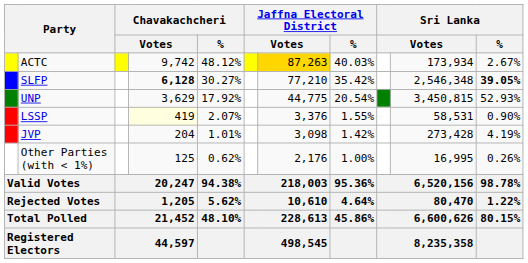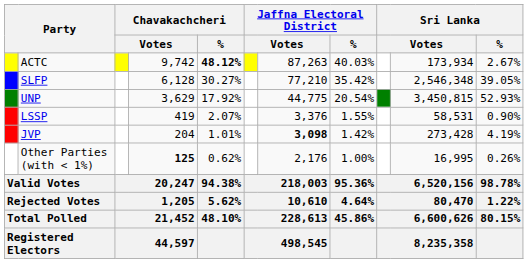 <table class="wikitable">
 <tr>
 <th colspan="2" width="144px"rowspan="2">Party</th>
 <th colspan="3" width="216px">Chavakachcheri</th>
 <th colspan="3" width="216px"><a href='#'>Jaffna Electoral District</a></th>
 <th colspan="3" width="216px">Sri Lanka</th>
 </tr>
 <tr>
 <th colspan="2" width="144px">Votes</th>
 <th>%</th>
 <th colspan="2" width="144px">Votes</th>
 <th>%</th>
 <th colspan="2" width="144px">Votes</th>
 <th>%</th>
 </tr>
 <tr>
 <td style="background-color:yellow;" width="10px"></td>
 <td style="text-align:left;">ACTC</td>
 <td style="background-color:yellow;" width="10px"></td>
 <td style="text-align:right;">9,742</td>
-<td style="text-align:right;">48.12%</td>
+<td style="text-align:right;"><strong>48.12%</strong></td>
 <td style="background-color:yellow;" width="10px"></td>
-<td style="background: gold; text-align:right;">87,263</td>
+<td style="text-align:right;">87,263</td>
 <td style="text-align:right;">40.03%</td>
 <td style="background-color:white;" width="10px"></td>
 <td style="text-align:right;">173,934</td>
 <td style="text-align:right;">2.67%</td>
 </tr>
 <tr>
 <td style="background-color:blue;" width="10px"></td>
 <td style="text-align:left;"><a href='#'>SLFP</a></td>
 <td style="background-color:white;" width="10px"></td>
-<td style="text-align:right;"><strong>6,128</strong></td>
+<td style="text-align:right;">6,128</td>
 <td style="text-align:right;">30.27%</td>
 <td style="background-color:white;" width="10px"></td>
 <td style="text-align:right;">77,210</td>
 <td style="text-align:right;">35.42%</td>
 <td style="background-color:white;" width="10px"></td>
 <td style="text-align:right;">2,546,348</td>
-<td style="text-align:right;"><strong>39.05%</strong></td>
+<td style="text-align:right;">39.05%</td>
 </tr>
 <tr>
 <td style="background-color:green;" width="10px"></td>
 <td style="text-align:left;"><a href='#'>UNP</a></td>
 <td style="background-color:white;" width="10px"></td>
 <td style="text-align:right;">3,629</td>
 <td style="text-align:right;">17.92%</td>
 <td style="background-color:white;" width="10px"></td>
 <td style="text-align:right;">44,775</td>
 <td style="text-align:right;">20.54%</td>
 <td style="background-color:green;" width="10px"></td>
 <td style="text-align:right;">3,450,815</td>
 <td style="text-align:right;">52.93%</td>
 </tr>
 <tr>
 <td style="background-color:red;" width="10px"></td>
 <td style="text-align:left;"><a href='#'>LSSP</a></td>
 <td style="background-color:white;" width="10px"></td>
-<td style="background: lightyellow; text-align:right;">419</td>
+<td style="text-align:right;">419</td>
 <td style="text-align:right;">2.07%</td>
 <td style="background-color:white;" width="10px"></td>
 <td style="text-align:right;">3,376</td>
 <td style="text-align:right;">1.55%</td>
 <td style="background-color:white;" width="10px"></td>
 <td style="text-align:right;">58,531</td>
 <td style="text-align:right;">0.90%</td>
 </tr>
 <tr>
 <td style="background-color:red;" width="10px"></td>
 <td style="text-align:left;"><a href='#'>JVP</a></td>
 <td style="background-color:white;" width="10px"></td>
 <td style="text-align:right;">204</td>
 <td style="text-align:right;">1.01%</td>
 <td style="background-color:white;" width="10px"></td>
-<td style="text-align:right;">3,098</td>
+<td style="text-align:right;"><strong>3,098</strong></td>
 <td style="text-align:right;">1.42%</td>
 <td style="background-color:white;" width="10px"></td>
 <td style="text-align:right;">273,428</td>
 <td style="text-align:right;">4.19%</td>
 </tr>
 <tr>
 <td style="background-color:white;" width="10px"></td>
 <td style="text-align:left;">Other Parties (with < 1%)</td>
 <td style="background-color:white;" width="10px"></td>
-<td style="text-align:right;">125</td>
+<td style="text-align:right;"><strong>125</strong></td>
 <td style="text-align:right;">0.62%</td>
 <td style="background-color:white;" width="10px"></td>
 <td style="text-align:right;">2,176</td>
 <td style="text-align:right;">1.00%</td>
 <td style="background-color:white;" width="10px"></td>
 <td style="text-align:right;">16,995</td>
 <td style="text-align:right;">0.26%</td>
 </tr>
 <tr>
 <th colspan="2" width="144px"style="text-align:left;">Valid Votes</th>
 <th style="text-align:right;"colspan="2" width="144px">20,247</th>
 <th style="text-align:right;">94.38%</th>
 <th style="text-align:right;"colspan="2" width="144px">218,003</th>
 <th style="text-align:right;">95.36%</th>
 <th style="text-align:right;"colspan="2" width="144px">6,520,156</th>
 <th style="text-align:right;">98.78%</th>
 </tr>
 <tr>
 <th colspan="2" width="144px"style="text-align:left;">Rejected Votes</th>
 <th style="text-align:right;"colspan="2" width="144px">1,205</th>
 <th style="text-align:right;">5.62%</th>
 <th style="text-align:right;"colspan="2" width="144px">10,610</th>
 <th style="text-align:right;">4.64%</th>
 <th style="text-align:right;"colspan="2" width="144px">80,470</th>
 <th style="text-align:right;">1.22%</th>
 </tr>
 <tr>
 <th colspan="2" width="144px"style="text-align:left;">Total Polled</th>
 <th style="text-align:right;"colspan="2" width="144px">21,452</th>
 <th style="text-align:right;">48.10%</th>
 <th style="text-align:right;"colspan="2" width="144px">228,613</th>
 <th style="text-align:right;">45.86%</th>
 <th style="text-align:right;"colspan="2" width="144px">6,600,626</th>
 <th style="text-align:right;">80.15%</th>
 </tr>
 <tr>
 <th colspan="2" width="144px"style="text-align:left;">Registered Electors</th>
 <th style="text-align:right;"colspan="2" width="144px">44,597</th>
 <th></th>
 <th style="text-align:right;"colspan="2" width="144px">498,545</th>
 <th></th>
 <th style="text-align:right;"colspan="2" width="144px">8,235,358</th>
 <th></th>
 </tr>
 </table>
